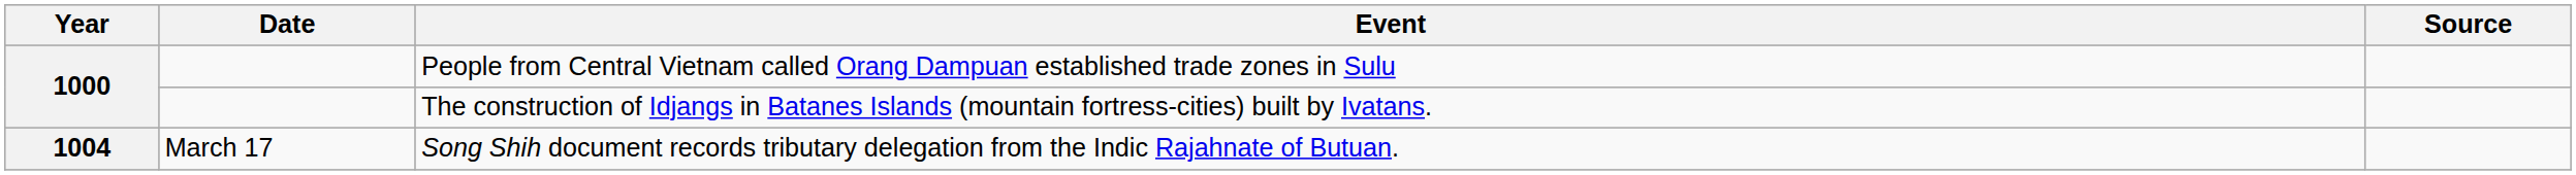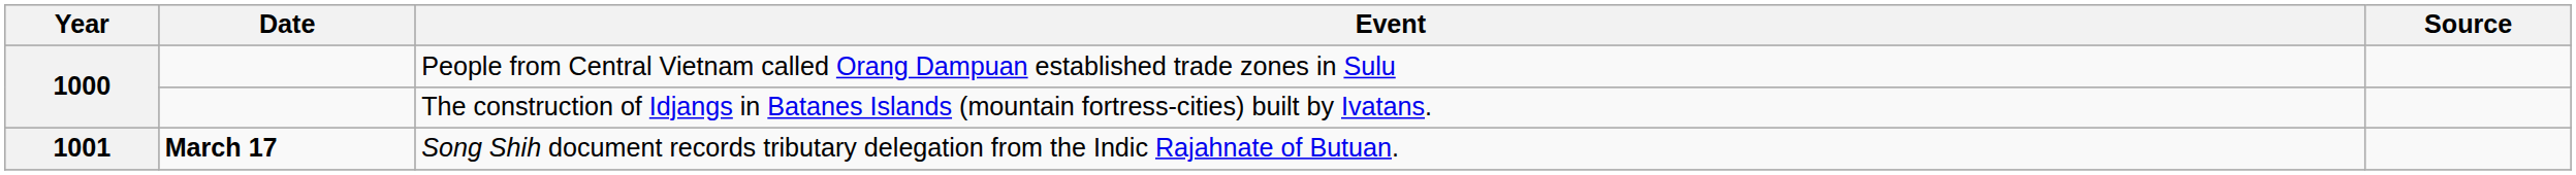 <table class="wikitable toptextcells" style="width:100%;">
 <tr>
 <th scope="col" style="width:6%;">Year</th>
 <th scope="col" style="width:10%;">Date</th>
 <th scope="col">Event</th>
 <th scope="col" style="width:8%;">Source</th>
 </tr>
 <tr>
 <th scope="row" rowspan="2">1000</th>
 <td></td>
 <td>People from Central Vietnam called <a href='#'>Orang Dampuan</a> established trade zones in <a href='#'>Sulu</a></td>
 <td></td>
 </tr>
 <tr>
 <td></td>
 <td>The construction of <a href='#'>Idjangs</a> in <a href='#'>Batanes Islands</a> (mountain fortress-cities) built by <a href='#'>Ivatans</a>.</td>
 <td></td>
 </tr>
 <tr>
-<th scope="row">1004</th>
-<td>March 17</td>
+<th scope="row">1001</th>
+<td><strong>March 17</strong></td>
 <td><em>Song Shih</em> document records tributary delegation from the Indic <a href='#'>Rajahnate of Butuan</a>.</td>
 <td></td>
 </tr>
 </table>
